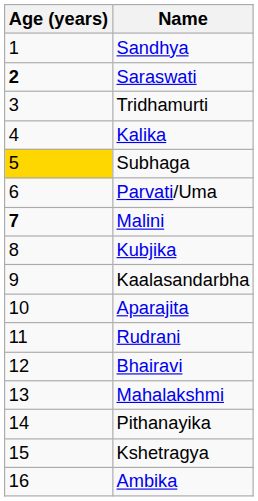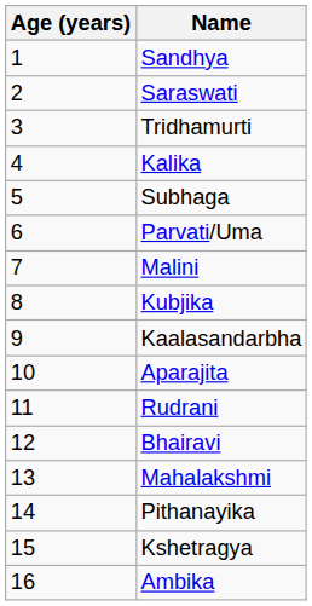 <table class="wikitable">
 <tr>
 <th>Age (years)</th>
 <th>Name</th>
 </tr>
 <tr>
 <td>1</td>
 <td><a href='#'>Sandhya</a></td>
 </tr>
 <tr>
-<td><strong>2</strong></td>
+<td>2</td>
 <td><a href='#'>Saraswati</a></td>
 </tr>
 <tr>
 <td>3</td>
 <td>Tridhamurti</td>
 </tr>
 <tr>
 <td>4</td>
 <td><a href='#'>Kalika</a></td>
 </tr>
 <tr>
-<td style="background: gold;">5</td>
+<td>5</td>
 <td>Subhaga</td>
 </tr>
 <tr>
 <td>6</td>
 <td><a href='#'>Parvati</a>/Uma</td>
 </tr>
 <tr>
-<td><strong>7</strong></td>
+<td>7</td>
 <td><a href='#'>Malini</a></td>
 </tr>
 <tr>
 <td>8</td>
 <td><a href='#'>Kubjika</a></td>
 </tr>
 <tr>
 <td>9</td>
 <td>Kaalasandarbha</td>
 </tr>
 <tr>
 <td>10</td>
 <td><a href='#'>Aparajita</a></td>
 </tr>
 <tr>
 <td>11</td>
 <td><a href='#'>Rudrani</a></td>
 </tr>
 <tr>
 <td>12</td>
 <td><a href='#'>Bhairavi</a></td>
 </tr>
 <tr>
 <td>13</td>
 <td><a href='#'>Mahalakshmi</a></td>
 </tr>
 <tr>
 <td>14</td>
 <td>Pithanayika</td>
 </tr>
 <tr>
 <td>15</td>
 <td>Kshetragya</td>
 </tr>
 <tr>
 <td>16</td>
 <td><a href='#'>Ambika</a></td>
 </tr>
 </table>
